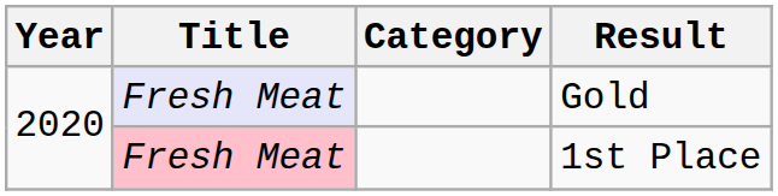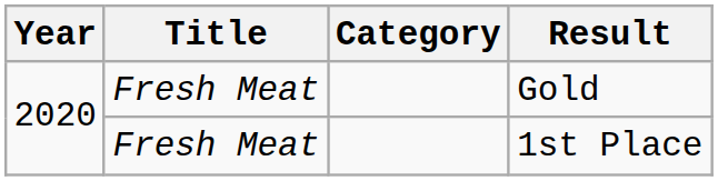 <table class="wikitable">
 <tr>
 <th>Year</th>
 <th>Title</th>
 <th>Category</th>
 <th>Result</th>
 </tr>
 <tr>
 <td rowspan=3>2020</td>
-<td style="background: lavender;"><em>Fresh Meat</em></td>
+<td><em>Fresh Meat</em></td>
 <td></td>
 <td>Gold</td>
 </tr>
 <tr>
-<td style="background: pink;"><em>Fresh Meat</em></td>
+<td><em>Fresh Meat</em></td>
 <td></td>
 <td>1st Place</td>
 </tr>
 </table>
